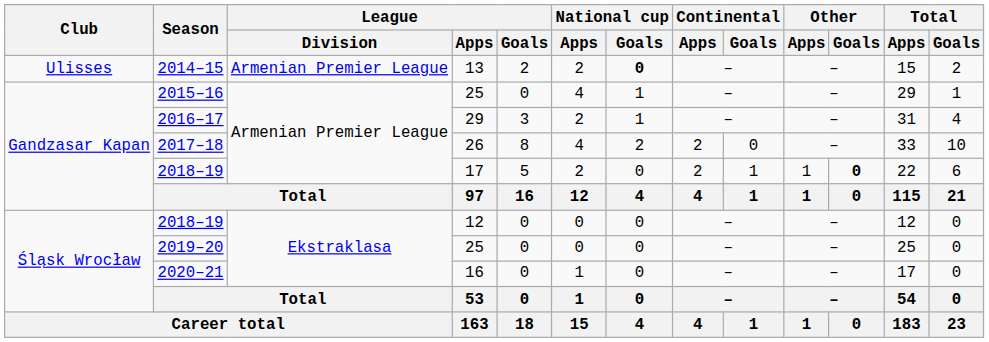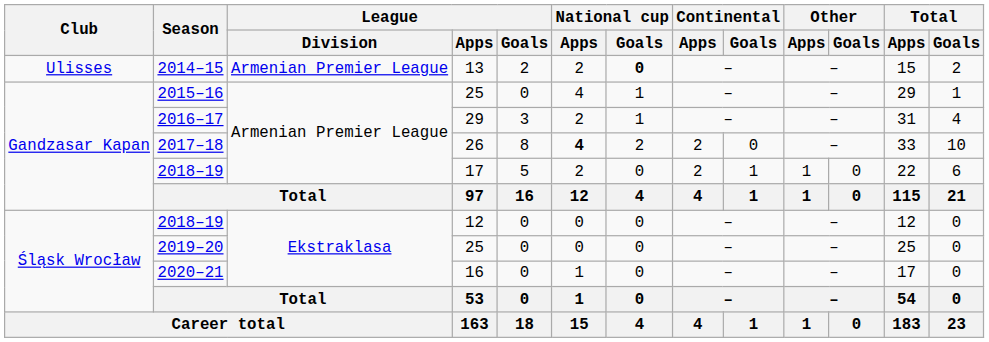 <table class="wikitable" style="text-align:center">
 <tr>
 <th rowspan="2">Club</th>
 <th rowspan="2">Season</th>
 <th colspan="3">League</th>
 <th colspan="2">National cup</th>
 <th colspan="2">Continental</th>
 <th colspan="2">Other</th>
 <th colspan="2">Total</th>
 </tr>
 <tr>
 <th>Division</th>
 <th>Apps</th>
 <th>Goals</th>
 <th>Apps</th>
 <th>Goals</th>
 <th>Apps</th>
 <th>Goals</th>
 <th>Apps</th>
 <th>Goals</th>
 <th>Apps</th>
 <th>Goals</th>
 </tr>
 <tr>
 <td><a href='#'>Ulisses</a></td>
 <td><a href='#'>2014–15</a></td>
 <td><a href='#'>Armenian Premier League</a></td>
 <td>13</td>
 <td>2</td>
 <td>2</td>
 <td><strong>0</strong></td>
 <td colspan="2">–</td>
 <td colspan="2">–</td>
 <td>15</td>
 <td>2</td>
 </tr>
 <tr>
 <td rowspan="5"><a href='#'>Gandzasar Kapan</a></td>
 <td><a href='#'>2015–16</a></td>
 <td rowspan="4">Armenian Premier League</td>
 <td>25</td>
 <td>0</td>
 <td>4</td>
 <td>1</td>
 <td colspan="2">–</td>
 <td colspan="2">–</td>
 <td>29</td>
 <td>1</td>
 </tr>
 <tr>
 <td><a href='#'>2016–17</a></td>
 <td>29</td>
 <td>3</td>
 <td>2</td>
 <td>1</td>
 <td colspan="2">–</td>
 <td colspan="2">–</td>
 <td>31</td>
 <td>4</td>
 </tr>
 <tr>
 <td><a href='#'>2017–18</a></td>
 <td>26</td>
 <td>8</td>
-<td>4</td>
+<td><strong>4</strong></td>
 <td>2</td>
 <td>2</td>
 <td>0</td>
 <td colspan="2">–</td>
 <td>33</td>
 <td>10</td>
 </tr>
 <tr>
 <td><a href='#'>2018–19</a></td>
 <td>17</td>
 <td>5</td>
 <td>2</td>
 <td>0</td>
 <td>2</td>
 <td>1</td>
 <td>1</td>
-<td><strong>0</strong></td>
+<td>0</td>
 <td>22</td>
 <td>6</td>
 </tr>
 <tr>
 <th colspan="2">Total</th>
 <th>97</th>
 <th>16</th>
 <th>12</th>
 <th>4</th>
 <th>4</th>
 <th>1</th>
 <th>1</th>
 <th>0</th>
 <th>115</th>
 <th>21</th>
 </tr>
 <tr>
 <td rowspan="4"><a href='#'>Śląsk Wrocław</a></td>
 <td><a href='#'>2018–19</a></td>
 <td rowspan="3"><a href='#'>Ekstraklasa</a></td>
 <td>12</td>
 <td>0</td>
 <td>0</td>
 <td>0</td>
 <td colspan="2">–</td>
 <td colspan="2">–</td>
 <td>12</td>
 <td>0</td>
 </tr>
 <tr>
 <td><a href='#'>2019–20</a></td>
 <td>25</td>
 <td>0</td>
 <td>0</td>
 <td>0</td>
 <td colspan="2">–</td>
 <td colspan="2">–</td>
 <td>25</td>
 <td>0</td>
 </tr>
 <tr>
 <td><a href='#'>2020–21</a></td>
 <td>16</td>
 <td>0</td>
 <td>1</td>
 <td>0</td>
 <td colspan="2">–</td>
 <td colspan="2">–</td>
 <td>17</td>
 <td>0</td>
 </tr>
 <tr>
 <th colspan="2">Total</th>
 <th>53</th>
 <th>0</th>
 <th>1</th>
 <th>0</th>
 <th colspan="2">–</th>
 <th colspan="2">–</th>
 <th>54</th>
 <th>0</th>
 </tr>
 <tr>
 <th colspan="3">Career total</th>
 <th>163</th>
 <th>18</th>
 <th>15</th>
 <th>4</th>
 <th>4</th>
 <th>1</th>
 <th>1</th>
 <th>0</th>
 <th>183</th>
 <th>23</th>
 </tr>
 </table>
